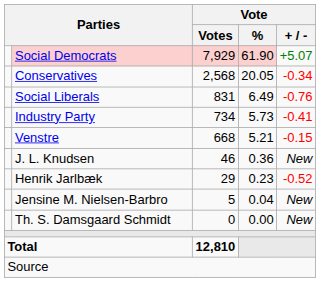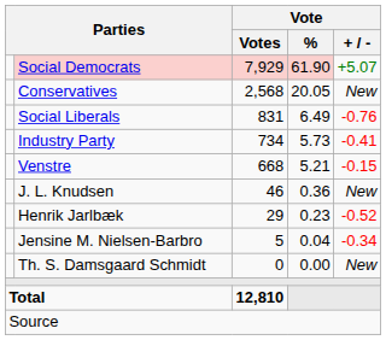 <table class="wikitable" style="text-align:right;">
 <tr>
 <th style="text-align:centre;" rowspan="2" colspan="2" width="225">Parties</th>
 <th colspan="3">Vote</th>
 </tr>
 <tr>
 <th width="15">Votes</th>
 <th width="15">%</th>
 <th width="15">+ / -</th>
 </tr>
 <tr>
 <td width="2" style="color:inherit;background:"></td>
 <td bgcolor=#fbd0ce  align="left"><a href='#'>Social Democrats</a></td>
 <td bgcolor=#fbd0ce>7,929</td>
 <td bgcolor=#fbd0ce>61.90</td>
 <td style=color:green;>+5.07</td>
 </tr>
 <tr>
 <td width="2" style="color:inherit;background:"></td>
 <td align="left"><a href='#'>Conservatives</a></td>
 <td>2,568</td>
 <td>20.05</td>
-<td style=color:red;>-0.34</td>
+<td><em>New</em></td>
 </tr>
 <tr>
 <td width="2" style="color:inherit;background:"></td>
 <td align="left"><a href='#'>Social Liberals</a></td>
 <td>831</td>
 <td>6.49</td>
 <td style=color:red;>-0.76</td>
 </tr>
 <tr>
 <td width="2" style="color:inherit;background:"></td>
 <td align="left"><a href='#'>Industry Party</a></td>
 <td>734</td>
 <td>5.73</td>
 <td style=color:red;>-0.41</td>
 </tr>
 <tr>
 <td width="2" style="color:inherit;background:"></td>
 <td align="left"><a href='#'>Venstre</a></td>
 <td>668</td>
 <td>5.21</td>
 <td style=color:red;>-0.15</td>
 </tr>
 <tr>
 <td width="2" style="color:inherit;background:"></td>
 <td align="left">J. L. Knudsen</td>
 <td>46</td>
 <td>0.36</td>
 <td><em>New</em></td>
 </tr>
 <tr>
 <td width="2" style="color:inherit;background:"></td>
 <td align="left">Henrik Jarlbæk</td>
 <td>29</td>
 <td>0.23</td>
 <td style=color:red;>-0.52</td>
 </tr>
 <tr>
 <td width="2" style="color:inherit;background:"></td>
 <td align="left">Jensine M. Nielsen-Barbro</td>
 <td>5</td>
 <td>0.04</td>
-<td><em>New</em></td>
+<td style=color:red;>-0.34</td>
 </tr>
 <tr>
 <td width="2" style="color:inherit;background:"></td>
 <td align="left">Th. S. Damsgaard Schmidt</td>
 <td>0</td>
 <td>0.00</td>
 <td><em>New</em></td>
 </tr>
 <tr>
 <td colspan="7" bgcolor="#E9E9E9"></td>
 </tr>
 <tr>
 <td align="left" colspan="2"><strong>Total</strong></td>
 <td><strong>12,810</strong></td>
 <td bgcolor="#E9E9E9" colspan="2"></td>
 </tr>
 <tr>
 <td align="left" colspan="6">Source</td>
 </tr>
 </table>
